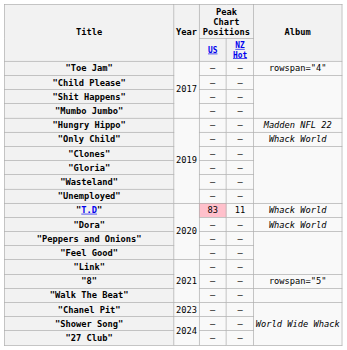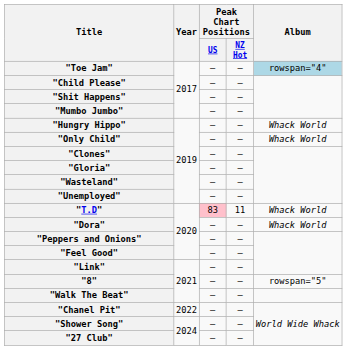 <table class="wikitable plainrowheaders" style="text-align:center;">
 <tr>
 <th scope="col" rowspan="2" style="width:19em;">Title</th>
 <th scope="col" rowspan="2">Year</th>
 <th scope="col" colspan="2">Peak Chart Positions</th>
 <th scope="col" rowspan="2">Album</th>
 </tr>
 <tr>
 <th scope="col" style="width:3em;font-size:90%;"><a href='#'>US</a><br></th>
 <th scope="col" style="width:3em;font-size:90%;"><a href='#'>NZ<br>Hot</a><br></th>
 </tr>
 <tr>
 <th scope="row">"Toe Jam"</th>
 <td rowspan="4">2017</td>
 <td>—</td>
 <td>—</td>
-<td>rowspan="4" </td>
+<td style="background: lightblue;">rowspan="4" </td>
 </tr>
 <tr>
 <th scope="row">"Child Please"</th>
 <td>—</td>
 <td>—</td>
 </tr>
 <tr>
 <th scope="row">"Shit Happens"</th>
 <td>—</td>
 <td>—</td>
 </tr>
 <tr>
 <th scope="row">"Mumbo Jumbo"</th>
 <td>—</td>
 <td>—</td>
 </tr>
 <tr>
 <th scope="row">"Hungry Hippo"</th>
 <td rowspan="6">2019</td>
 <td>—</td>
 <td>—</td>
-<td><em>Madden NFL 22</em></td>
+<td><em>Whack World</em></td>
 </tr>
 <tr>
 <th scope="row">"Only Child"</th>
 <td>—</td>
 <td>—</td>
 <td><em>Whack World</em></td>
 </tr>
 <tr>
 <th scope="row">"Clones"</th>
 <td>—</td>
 <td>—</td>
 </tr>
 <tr>
 <th scope="row">"Gloria"</th>
 <td>—</td>
 <td>—</td>
 </tr>
 <tr>
 <th scope="row">"Wasteland"</th>
 <td>—</td>
 <td>—</td>
 </tr>
 <tr>
 <th scope="row">"Unemployed"</th>
 <td>—</td>
 <td>—</td>
 </tr>
 <tr>
 <th scope="row">"<a href='#'>T.D</a>" <br></th>
 <td rowspan="4">2020</td>
 <td style="background: pink;">83</td>
 <td>11</td>
 <td><em>Whack World</em></td>
 </tr>
 <tr>
 <th scope="row">"Dora"</th>
 <td>—</td>
 <td>—</td>
 <td><em>Whack World</em></td>
 </tr>
 <tr>
 <th scope="row">"Peppers and Onions"</th>
 <td>—</td>
 <td>—</td>
 </tr>
 <tr>
 <th scope="row">"Feel Good"</th>
 <td>—</td>
 <td>—</td>
 </tr>
 <tr>
 <th scope="row">"Link"</th>
 <td rowspan="3">2021</td>
 <td>—</td>
 <td>—</td>
 </tr>
 <tr>
 <th scope="row">"8"</th>
 <td>—</td>
 <td>—</td>
 <td>rowspan="5" </td>
 </tr>
 <tr>
 <th scope="row">"Walk The Beat"</th>
 <td>—</td>
 <td>—</td>
 <td></td>
 </tr>
 <tr>
 <th scope="row">"Chanel Pit"</th>
-<td rowspan="1">2023</td>
+<td rowspan="1">2022</td>
 <td>—</td>
 <td>—</td>
 <td rowspan="3"><em>World Wide Whack</em></td>
 </tr>
 <tr>
 <th scope="row">"Shower Song"</th>
 <td rowspan="2">2024</td>
 <td>—</td>
 <td>—</td>
 </tr>
 <tr>
 <th scope="row">"27 Club"</th>
 <td>—</td>
 <td>—</td>
 </tr>
 </table>
